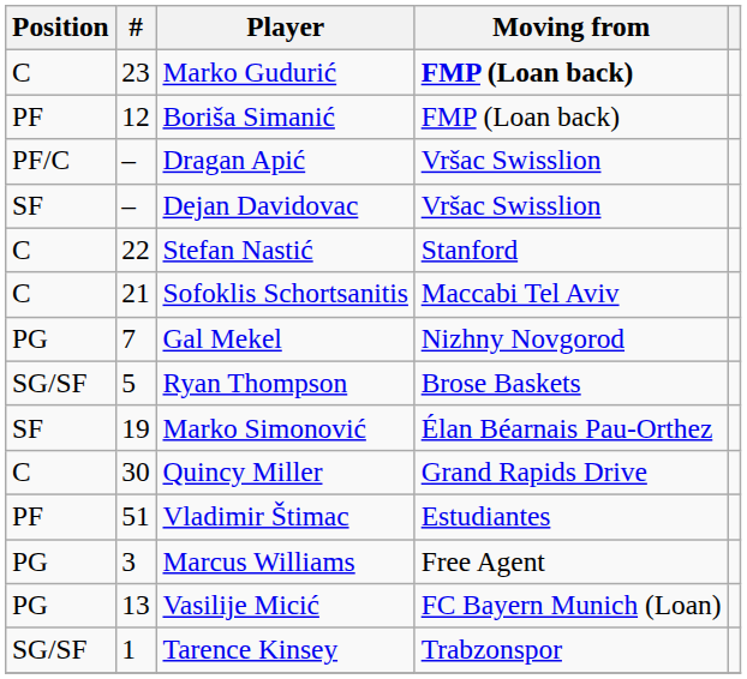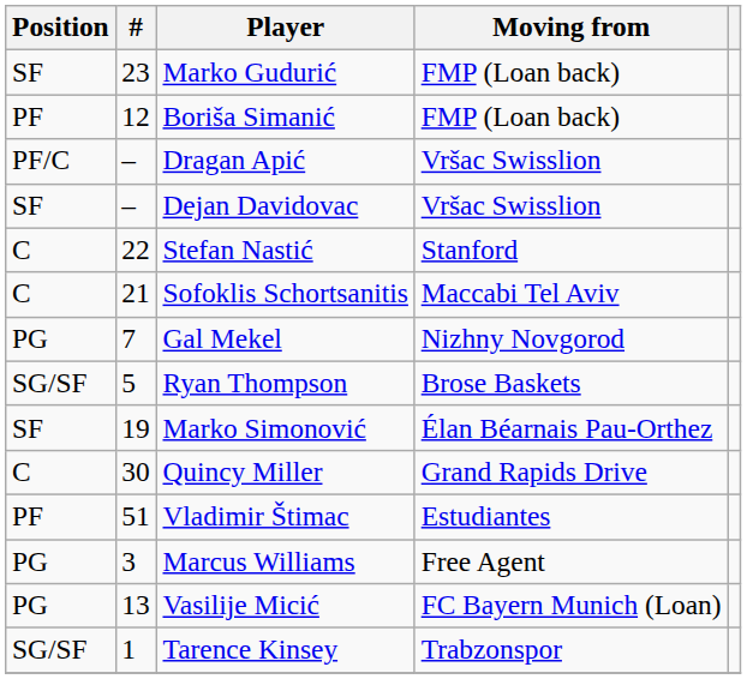 <table class="wikitable sortable" style="text-align: left;">
 <tr>
 <th>Position</th>
 <th>#</th>
 <th>Player</th>
 <th>Moving from</th>
 <th></th>
 </tr>
 <tr>
-<td>C</td>
+<td>SF</td>
 <td>23</td>
 <td> <a href='#'>Marko Gudurić</a></td>
-<td><strong> <a href='#'>FMP</a> (Loan back)</strong></td>
+<td> <a href='#'>FMP</a> (Loan back)</td>
 <td></td>
 </tr>
 <tr>
 <td>PF</td>
 <td>12</td>
 <td> <a href='#'>Boriša Simanić</a></td>
 <td> <a href='#'>FMP</a> (Loan back)</td>
 <td></td>
 </tr>
 <tr>
 <td>PF/C</td>
 <td>–</td>
 <td> <a href='#'>Dragan Apić</a></td>
 <td> <a href='#'>Vršac Swisslion</a></td>
 <td></td>
 </tr>
 <tr>
 <td>SF</td>
 <td>–</td>
 <td> <a href='#'>Dejan Davidovac</a></td>
 <td> <a href='#'>Vršac Swisslion</a></td>
 <td></td>
 </tr>
 <tr>
 <td>C</td>
 <td>22</td>
 <td> <a href='#'>Stefan Nastić</a></td>
 <td> <a href='#'>Stanford</a></td>
 <td></td>
 </tr>
 <tr>
 <td>C</td>
 <td>21</td>
 <td> <a href='#'>Sofoklis Schortsanitis</a></td>
 <td> <a href='#'>Maccabi Tel Aviv</a></td>
 <td></td>
 </tr>
 <tr>
 <td>PG</td>
 <td>7</td>
 <td> <a href='#'>Gal Mekel</a></td>
 <td> <a href='#'>Nizhny Novgorod</a></td>
 <td></td>
 </tr>
 <tr>
 <td>SG/SF</td>
 <td>5</td>
 <td> <a href='#'>Ryan Thompson</a></td>
 <td> <a href='#'>Brose Baskets</a></td>
 <td></td>
 </tr>
 <tr>
 <td>SF</td>
 <td>19</td>
 <td> <a href='#'>Marko Simonović</a></td>
 <td> <a href='#'>Élan Béarnais Pau-Orthez</a></td>
 <td></td>
 </tr>
 <tr>
 <td>C</td>
 <td>30</td>
 <td> <a href='#'>Quincy Miller</a></td>
 <td> <a href='#'>Grand Rapids Drive</a></td>
 <td></td>
 </tr>
 <tr>
 <td>PF</td>
 <td>51</td>
 <td> <a href='#'>Vladimir Štimac</a></td>
 <td> <a href='#'>Estudiantes</a></td>
 <td></td>
 </tr>
 <tr>
 <td>PG</td>
 <td>3</td>
 <td> <a href='#'>Marcus Williams</a></td>
 <td> Free Agent</td>
 <td></td>
 </tr>
 <tr>
 <td>PG</td>
 <td>13</td>
 <td> <a href='#'>Vasilije Micić</a></td>
 <td> <a href='#'>FC Bayern Munich</a> (Loan)</td>
 <td></td>
 </tr>
 <tr>
 <td>SG/SF</td>
 <td>1</td>
 <td> <a href='#'>Tarence Kinsey</a></td>
 <td> <a href='#'>Trabzonspor</a></td>
 <td></td>
 </tr>
 <tr>
 </tr>
 </table>
